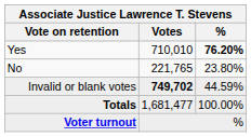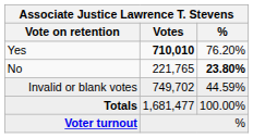 <table class="wikitable" style="font-size: 95%;">
 <tr style="background-color:#E9E9E9">
 <th colspan=7>Associate Justice Lawrence T. Stevens</th>
 </tr>
 <tr style="background-color:#E9E9E9">
 <th style="width: 170px">Vote on retention</th>
 <th style="width: 50px">Votes</th>
 <th style="width: 40px">%</th>
 </tr>
 <tr>
 <td>Yes</td>
-<td align="right">710,010</td>
-<td align="right"><strong>76.20%</strong></td>
+<td align="right"><strong>710,010</strong></td>
+<td align="right">76.20%</td>
 </tr>
 <tr>
 <td>No</td>
 <td align="right">221,765</td>
-<td align="right">23.80%</td>
+<td align="right"><strong>23.80%</strong></td>
 </tr>
 <tr style="background-color:#EEEEEE">
 <td align="right">Invalid or blank votes</td>
-<td align="right"><strong>749,702</strong></td>
+<td align="right">749,702</td>
 <td align="right">44.59%</td>
 </tr>
 <tr style="background-color:#EEEEEE">
 <td colspan="1" align="right"><strong>Totals</strong></td>
 <td align="right">1,681,477</td>
 <td align="right">100.00%</td>
 </tr>
 <tr style="background-color:#EEEEEE">
 <td align="right"><strong><a href='#'>Voter turnout</a></strong></td>
 <td colspan="2" align="right">%</td>
 </tr>
 </table>
